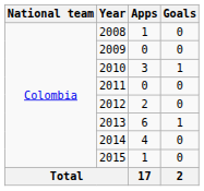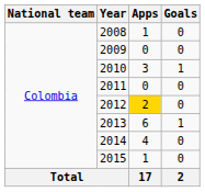 <table class="wikitable" style="text-align:center">
 <tr>
 <th>National team</th>
 <th>Year</th>
 <th>Apps</th>
 <th>Goals</th>
 </tr>
 <tr>
 <td rowspan="8"><a href='#'>Colombia</a></td>
 <td>2008</td>
 <td>1</td>
 <td>0</td>
 </tr>
 <tr>
 <td>2009</td>
 <td>0</td>
 <td>0</td>
 </tr>
 <tr>
 <td>2010</td>
 <td>3</td>
 <td>1</td>
 </tr>
 <tr>
 <td>2011</td>
 <td>0</td>
 <td>0</td>
 </tr>
 <tr>
 <td>2012</td>
-<td>2</td>
+<td style="background: gold;">2</td>
 <td>0</td>
 </tr>
 <tr>
 <td>2013</td>
 <td>6</td>
 <td>1</td>
 </tr>
 <tr>
 <td>2014</td>
 <td>4</td>
 <td>0</td>
 </tr>
 <tr>
 <td>2015</td>
 <td>1</td>
 <td>0</td>
 </tr>
 <tr>
 <th colspan="2">Total</th>
 <th>17</th>
 <th>2</th>
 </tr>
 </table>
